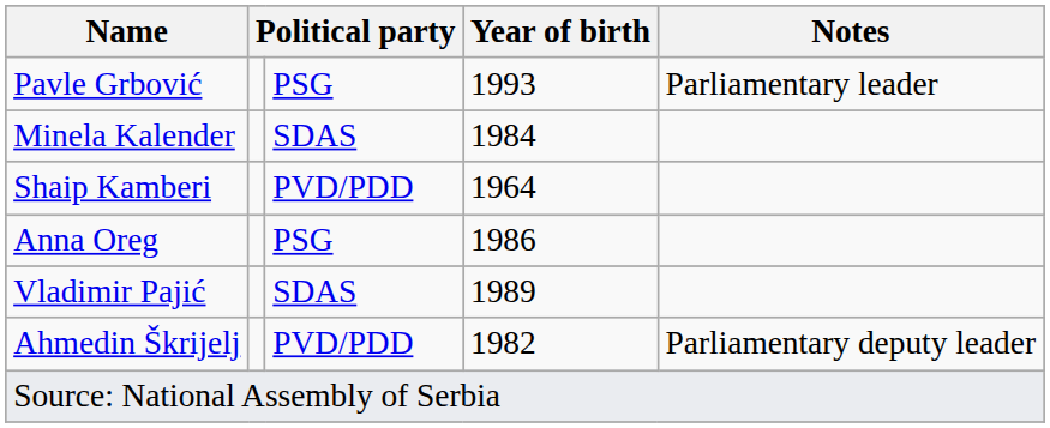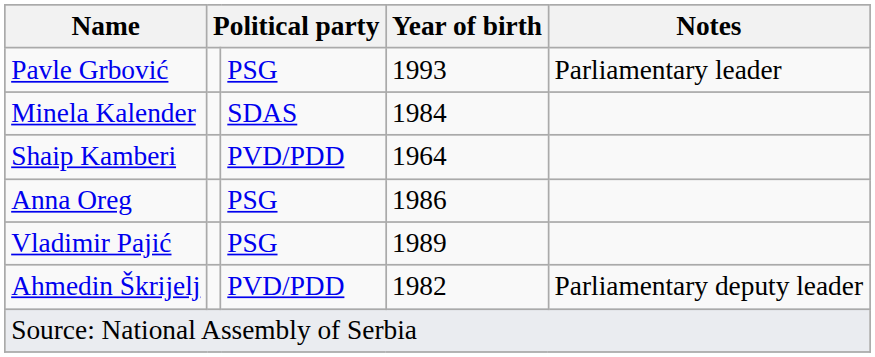 <table class="wikitable sortable" style="text-align:left">
 <tr>
 <th>Name</th>
 <th colspan="2">Political party</th>
 <th>Year of birth</th>
 <th>Notes</th>
 </tr>
 <tr>
 <td><a href='#'>Pavle Grbović</a></td>
 <td width="1" style="color:inherit;background: "></td>
 <td><a href='#'>PSG</a></td>
 <td>1993</td>
 <td>Parliamentary leader</td>
 </tr>
 <tr>
 <td><a href='#'>Minela Kalender</a></td>
 <td width="1" style="color:inherit;background: "></td>
 <td><a href='#'>SDAS</a></td>
 <td>1984</td>
 <td></td>
 </tr>
 <tr>
 <td><a href='#'>Shaip Kamberi</a></td>
 <td width="1" style="color:inherit;background: "></td>
 <td><a href='#'>PVD/PDD</a></td>
 <td>1964</td>
 <td></td>
 </tr>
 <tr>
 <td><a href='#'>Anna Oreg</a></td>
 <td width="1" style="color:inherit;background: "></td>
 <td><a href='#'>PSG</a></td>
 <td>1986</td>
 <td></td>
 </tr>
 <tr>
 <td><a href='#'>Vladimir Pajić</a></td>
 <td width="1" style="color:inherit;background: "></td>
-<td><a href='#'>SDAS</a></td>
+<td><a href='#'>PSG</a></td>
 <td>1989</td>
 </tr>
 <tr>
 <td><a href='#'>Ahmedin Škrijelj</a></td>
 <td width="1" style="color:inherit;background: "></td>
 <td><a href='#'>PVD/PDD</a></td>
 <td>1982</td>
 <td>Parliamentary deputy leader</td>
 </tr>
 <tr>
 <td style="background-color:#EAECF0" colspan="5">Source: National Assembly of Serbia</td>
 </tr>
 </table>
